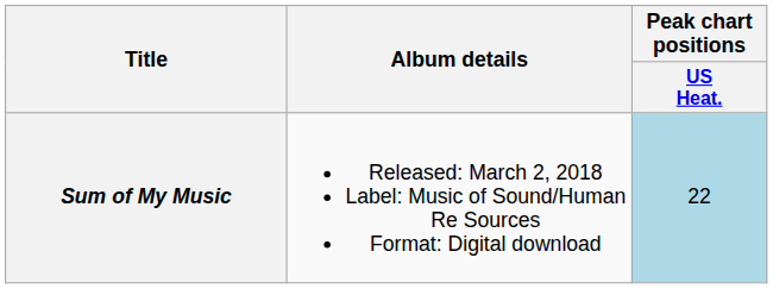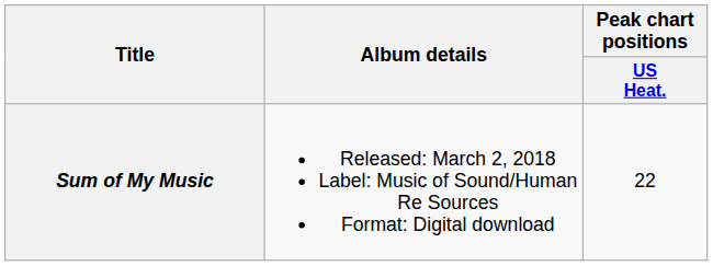 <table class="wikitable plainrowheaders" style="text-align:center;">
 <tr>
 <th scope="col" rowspan="2" style="width:13em;">Title</th>
 <th scope="col" rowspan="2" style="width:16em;">Album details</th>
 <th scope="col" style="width:6em;">Peak chart positions</th>
 </tr>
 <tr>
 <th scope="col" style="width:4em;font-size:90%;"><a href='#'>US<br>Heat.</a><br></th>
 </tr>
 <tr>
 <th scope="row"><em>Sum of My Music</em></th>
 <td><br><ul><li>Released: March 2, 2018</li><li>Label: Music of Sound/Human Re Sources</li><li>Format: Digital download</li></ul></td>
-<td style="background: lightblue;">22</td>
+<td>22</td>
 </tr>
 </table>
